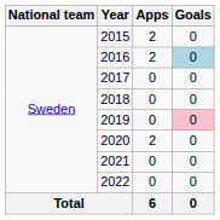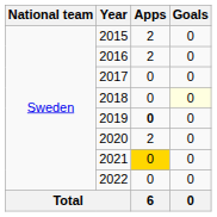 <table class="wikitable" style="text-align:center">
 <tr>
 <th>National team</th>
 <th>Year</th>
 <th>Apps</th>
 <th>Goals</th>
 </tr>
 <tr>
 <td rowspan="8"><a href='#'>Sweden</a></td>
 <td>2015</td>
 <td>2</td>
 <td>0</td>
 </tr>
 <tr>
 <td>2016</td>
 <td>2</td>
-<td style="background: lightblue;">0</td>
+<td>0</td>
 </tr>
 <tr>
 <td>2017</td>
 <td>0</td>
 <td>0</td>
 </tr>
 <tr>
 <td>2018</td>
 <td>0</td>
-<td>0</td>
+<td style="background: lightyellow;">0</td>
 </tr>
 <tr>
 <td>2019</td>
+<td><strong>0</strong></td>
 <td>0</td>
-<td style="background: pink;">0</td>
 </tr>
 <tr>
 <td>2020</td>
 <td>2</td>
 <td>0</td>
 </tr>
 <tr>
 <td>2021</td>
-<td>0</td>
+<td style="background: gold;">0</td>
 <td>0</td>
 </tr>
 <tr>
 <td>2022</td>
 <td>0</td>
 <td>0</td>
 </tr>
 <tr>
 <th colspan="2">Total</th>
 <th>6</th>
 <th>0</th>
 </tr>
 </table>
